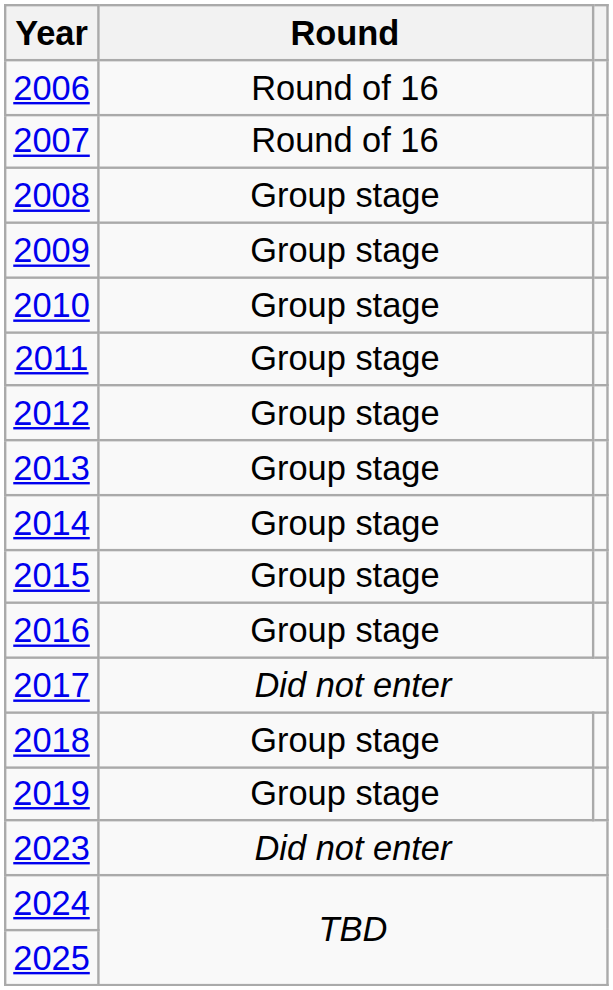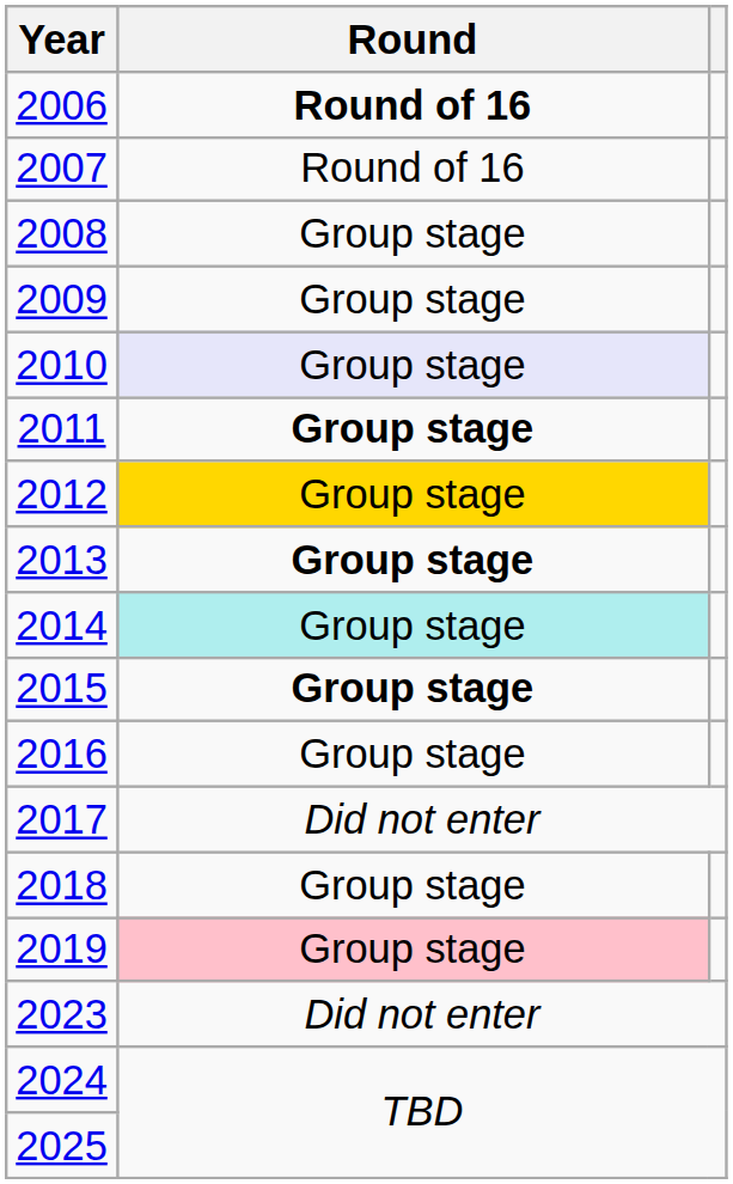 <table class="wikitable" style="text-align: center; font-size:90%">
 <tr>
 <th>Year</th>
 <th style="width:200px">Round</th>
 <th></th>
 </tr>
 <tr>
 <td><a href='#'>2006</a></td>
-<td>Round of 16</td>
+<td><strong>Round of 16</strong></td>
 <td></td>
 </tr>
 <tr>
 <td><a href='#'>2007</a></td>
 <td>Round of 16</td>
 <td></td>
 </tr>
 <tr>
 <td><a href='#'>2008</a></td>
 <td>Group stage</td>
 <td></td>
 </tr>
 <tr>
 <td><a href='#'>2009</a></td>
 <td>Group stage</td>
 <td></td>
 </tr>
 <tr>
 <td><a href='#'>2010</a></td>
-<td>Group stage</td>
+<td style="background: lavender;">Group stage</td>
 <td></td>
 </tr>
 <tr>
 <td><a href='#'>2011</a></td>
-<td>Group stage</td>
+<td><strong>Group stage</strong></td>
 <td></td>
 </tr>
 <tr>
 <td><a href='#'>2012</a></td>
-<td>Group stage</td>
+<td style="background: gold;">Group stage</td>
 <td></td>
 </tr>
 <tr>
 <td><a href='#'>2013</a></td>
-<td>Group stage</td>
+<td><strong>Group stage</strong></td>
 <td></td>
 </tr>
 <tr>
 <td><a href='#'>2014</a></td>
-<td>Group stage</td>
+<td style="background: paleturquoise;">Group stage</td>
 <td></td>
 </tr>
 <tr>
 <td><a href='#'>2015</a></td>
-<td>Group stage</td>
+<td><strong>Group stage</strong></td>
 <td></td>
 </tr>
 <tr>
 <td><a href='#'>2016</a></td>
 <td>Group stage</td>
 <td></td>
 </tr>
 <tr>
 <td><a href='#'>2017</a></td>
 <td colspan="2"><em>Did not enter</em></td>
 </tr>
 <tr>
 <td><a href='#'>2018</a></td>
 <td>Group stage</td>
 <td></td>
 </tr>
 <tr>
 <td><a href='#'>2019</a></td>
-<td>Group stage</td>
+<td style="background: pink;">Group stage</td>
 <td></td>
 </tr>
 <tr>
 <td><a href='#'>2023</a></td>
 <td colspan="2"><em>Did not enter</em></td>
 </tr>
 <tr>
 <td><a href='#'>2024</a></td>
 <td colspan="2" rowspan="2"><em>TBD</em></td>
 </tr>
 <tr>
 <td><a href='#'>2025</a></td>
 </tr>
 </table>
